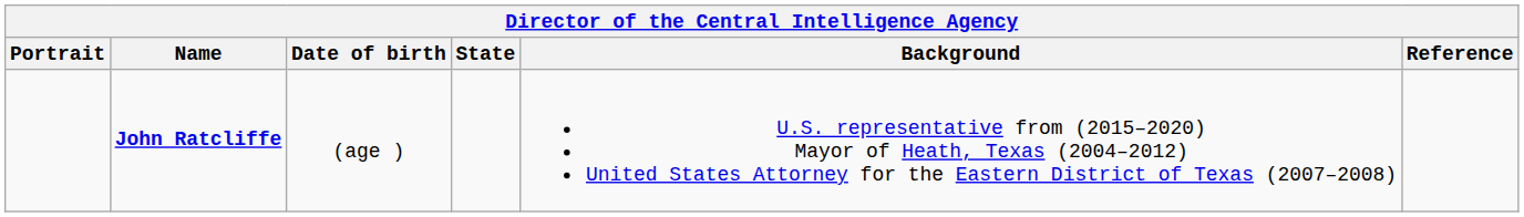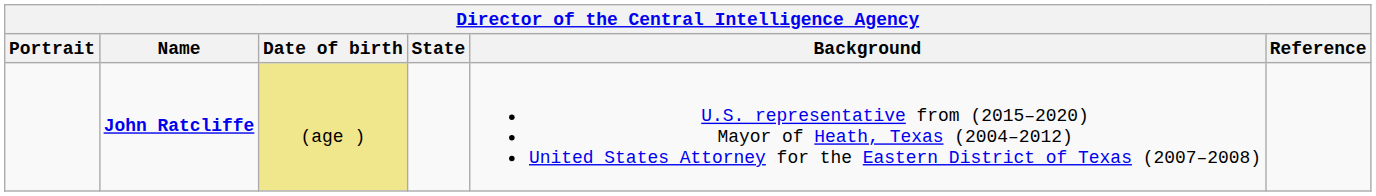 <table class="wikitable collapsible" style="text-align:center;">
 <tr>
 <th colspan="6"><a href='#'>Director of the Central Intelligence Agency</a></th>
 </tr>
 <tr>
 <th>Portrait</th>
 <th>Name</th>
 <th>Date of birth</th>
 <th>State</th>
 <th>Background</th>
 <th>Reference</th>
 </tr>
 <tr>
 <td></td>
 <td><strong><a href='#'>John Ratcliffe</a></strong></td>
-<td><br>(age )</td>
+<td style="background: khaki;"><br>(age )</td>
 <td></td>
 <td><br><ul><li><a href='#'>U.S. representative</a> from  (2015–2020)</li><li>Mayor of <a href='#'>Heath, Texas</a> (2004–2012)</li><li><a href='#'>United States Attorney</a> for the <a href='#'>Eastern District of Texas</a> (2007–2008)</li></ul></td>
 <td></td>
 </tr>
 </table>
